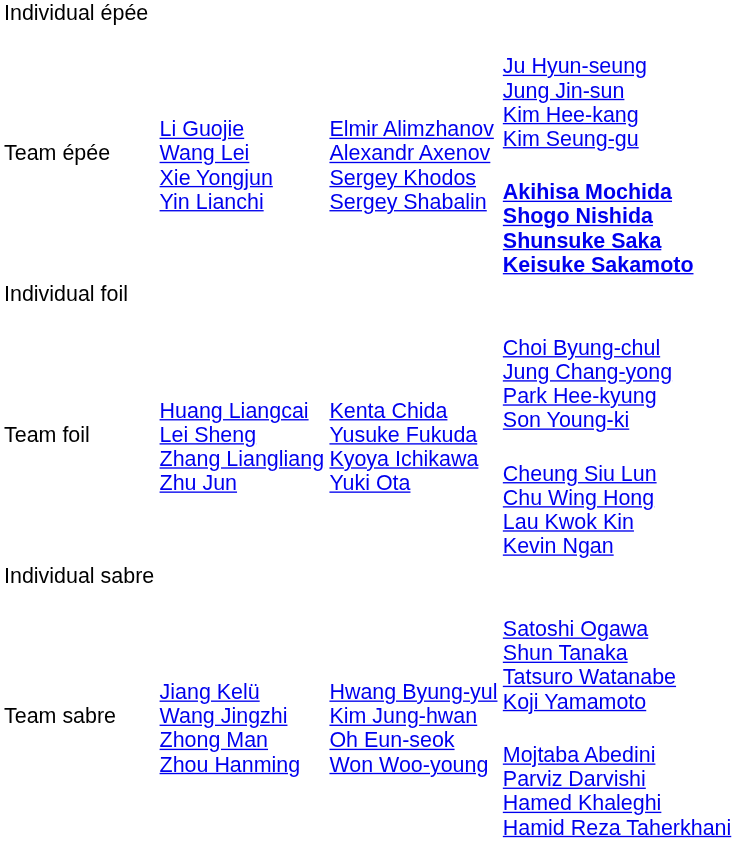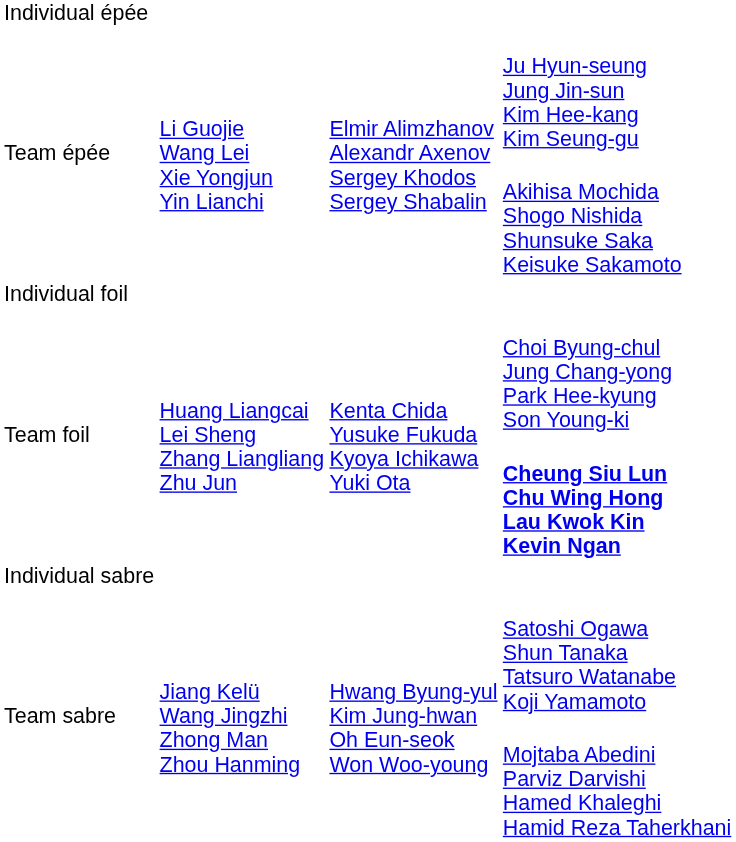 <table>
 <tr>
 <td rowspan=2>Individual épée</td>
 <td rowspan=2></td>
 <td rowspan=2></td>
 <td></td>
 </tr>
 <tr>
 <td></td>
 </tr>
 <tr>
 <td rowspan=2>Team épée</td>
 <td rowspan=2><br><a href='#'>Li Guojie</a><br><a href='#'>Wang Lei</a><br><a href='#'>Xie Yongjun</a><br><a href='#'>Yin Lianchi</a></td>
 <td rowspan=2><br><a href='#'>Elmir Alimzhanov</a><br><a href='#'>Alexandr Axenov</a><br><a href='#'>Sergey Khodos</a><br><a href='#'>Sergey Shabalin</a></td>
 <td><br><a href='#'>Ju Hyun-seung</a><br><a href='#'>Jung Jin-sun</a><br><a href='#'>Kim Hee-kang</a><br><a href='#'>Kim Seung-gu</a></td>
 </tr>
 <tr>
-<td><strong><br><a href='#'>Akihisa Mochida</a><br><a href='#'>Shogo Nishida</a><br><a href='#'>Shunsuke Saka</a><br><a href='#'>Keisuke Sakamoto</a></strong></td>
+<td><br><a href='#'>Akihisa Mochida</a><br><a href='#'>Shogo Nishida</a><br><a href='#'>Shunsuke Saka</a><br><a href='#'>Keisuke Sakamoto</a></td>
 </tr>
 <tr>
 <td rowspan=2>Individual foil</td>
 <td rowspan=2></td>
 <td rowspan=2></td>
 <td></td>
 </tr>
 <tr>
 <td></td>
 </tr>
 <tr>
 <td rowspan=2>Team foil</td>
 <td rowspan=2><br><a href='#'>Huang Liangcai</a><br><a href='#'>Lei Sheng</a><br><a href='#'>Zhang Liangliang</a><br><a href='#'>Zhu Jun</a></td>
 <td rowspan=2><br><a href='#'>Kenta Chida</a><br><a href='#'>Yusuke Fukuda</a><br><a href='#'>Kyoya Ichikawa</a><br><a href='#'>Yuki Ota</a></td>
 <td><br><a href='#'>Choi Byung-chul</a><br><a href='#'>Jung Chang-yong</a><br><a href='#'>Park Hee-kyung</a><br><a href='#'>Son Young-ki</a></td>
 </tr>
 <tr>
-<td><br><a href='#'>Cheung Siu Lun</a><br><a href='#'>Chu Wing Hong</a><br><a href='#'>Lau Kwok Kin</a><br><a href='#'>Kevin Ngan</a></td>
+<td><strong><br><a href='#'>Cheung Siu Lun</a><br><a href='#'>Chu Wing Hong</a><br><a href='#'>Lau Kwok Kin</a><br><a href='#'>Kevin Ngan</a></strong></td>
 </tr>
 <tr>
 <td rowspan=2>Individual sabre</td>
 <td rowspan=2></td>
 <td rowspan=2></td>
 <td></td>
 </tr>
 <tr>
 <td></td>
 </tr>
 <tr>
 <td rowspan=2>Team sabre</td>
 <td rowspan=2><br><a href='#'>Jiang Kelü</a><br><a href='#'>Wang Jingzhi</a><br><a href='#'>Zhong Man</a><br><a href='#'>Zhou Hanming</a></td>
 <td rowspan=2><br><a href='#'>Hwang Byung-yul</a><br><a href='#'>Kim Jung-hwan</a><br><a href='#'>Oh Eun-seok</a><br><a href='#'>Won Woo-young</a></td>
 <td><br><a href='#'>Satoshi Ogawa</a><br><a href='#'>Shun Tanaka</a><br><a href='#'>Tatsuro Watanabe</a><br><a href='#'>Koji Yamamoto</a></td>
 </tr>
 <tr>
 <td><br><a href='#'>Mojtaba Abedini</a><br><a href='#'>Parviz Darvishi</a><br><a href='#'>Hamed Khaleghi</a><br><a href='#'>Hamid Reza Taherkhani</a></td>
 </tr>
 </table>
